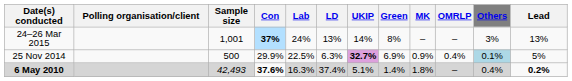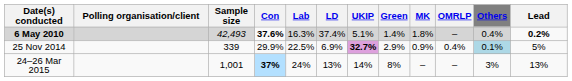 <table class="wikitable sortable" style="text-align:center;font-size:90%;line-height:14px">
 <tr>
 <th ! style="width:100px;">Date(s)<br>conducted</th>
 <th style="width:200px;">Polling organisation/client</th>
 <th class="unsortable" style="width:65px;">Sample size</th>
 <th class="unsortable" style="background:"><a href='#'><span>Con</span></a></th>
 <th class="unsortable" style="background:"><a href='#'><span>Lab</span></a></th>
 <th class="unsortable" style="background:"><a href='#'><span>LD</span></a></th>
 <th class="unsortable" style="background:"><a href='#'><span>UKIP</span></a></th>
 <th class="unsortable" style="background:"><a href='#'><span>Green</span></a></th>
 <th class="unsortable" style="background:"><a href='#'><span>MK</span></a></th>
 <th class="unsortable" style="background:"><a href='#'><span>OMRLP</span></a></th>
 <th class="unsortable" style="background:gray; width:50px;"><a href='#'><span>Others</span></a></th>
 <th class="unsortable" style="width:80px;">Lead</th>
 </tr>
 <tr>
+<td style="background:#D5D5D5"><strong>6 May 2010</strong></td>
+<td style="background:#D5D5D5"></td>
+<td style="background:#D5D5D5"><em>42,493</em></td>
+<td style="background:"><strong>37.6%</strong></td>
+<td style="background:#D5D5D5">16.3%</td>
+<td style="background:#D5D5D5">37.4%</td>
+<td style="background:#D5D5D5">5.1%</td>
+<td style="background:#D5D5D5">1.4%</td>
+<td style="background:#D5D5D5">1.8%</td>
+<td style="background:#D5D5D5">–</td>
+<td style="background:#D5D5D5">0.4%</td>
+<td style="background:"><strong>0.2% </strong></td>
+</tr>
+<tr>
+<td>25 Nov 2014</td>
+<td></td>
+<td>339</td>
+<td>29.9%</td>
+<td>22.5%</td>
+<td>6.9%</td>
+<td style="background:plum;"><strong>32.7%</strong></td>
+<td>2.9%</td>
+<td>0.9%</td>
+<td>0.4%</td>
+<td style="background: lightblue;">0.1%</td>
+<td style="background:">5%</td>
+</tr>
+<tr>
 <td>24–26 Mar 2015</td>
 <td></td>
 <td>1,001</td>
 <td style="background:#B3E0FF"><strong>37%</strong></td>
 <td>24%</td>
 <td>13%</td>
 <td>14%</td>
 <td>8%</td>
 <td>–</td>
 <td>–</td>
 <td>3%</td>
 <td style="background:">13%</td>
 </tr>
-<tr>
-<td>25 Nov 2014</td>
-<td></td>
-<td>500</td>
-<td>29.9%</td>
-<td>22.5%</td>
-<td>6.3%</td>
-<td style="background:plum;"><strong>32.7%</strong></td>
-<td>6.9%</td>
-<td>0.9%</td>
-<td>0.4%</td>
-<td style="background: lightblue;">0.1%</td>
-<td style="background:">5%</td>
-</tr>
-<tr>
-<td style="background:#D5D5D5"><strong>6 May 2010</strong></td>
-<td style="background:#D5D5D5"></td>
-<td style="background:#D5D5D5"><em>42,493</em></td>
-<td style="background:"><strong>37.6%</strong></td>
-<td style="background:#D5D5D5">16.3%</td>
-<td style="background:#D5D5D5">37.4%</td>
-<td style="background:#D5D5D5">5.1%</td>
-<td style="background:#D5D5D5">1.4%</td>
-<td style="background:#D5D5D5">1.8%</td>
-<td style="background:#D5D5D5">–</td>
-<td style="background:#D5D5D5">0.4%</td>
-<td style="background:"><strong>0.2% </strong></td>
-</tr>
 </table>
